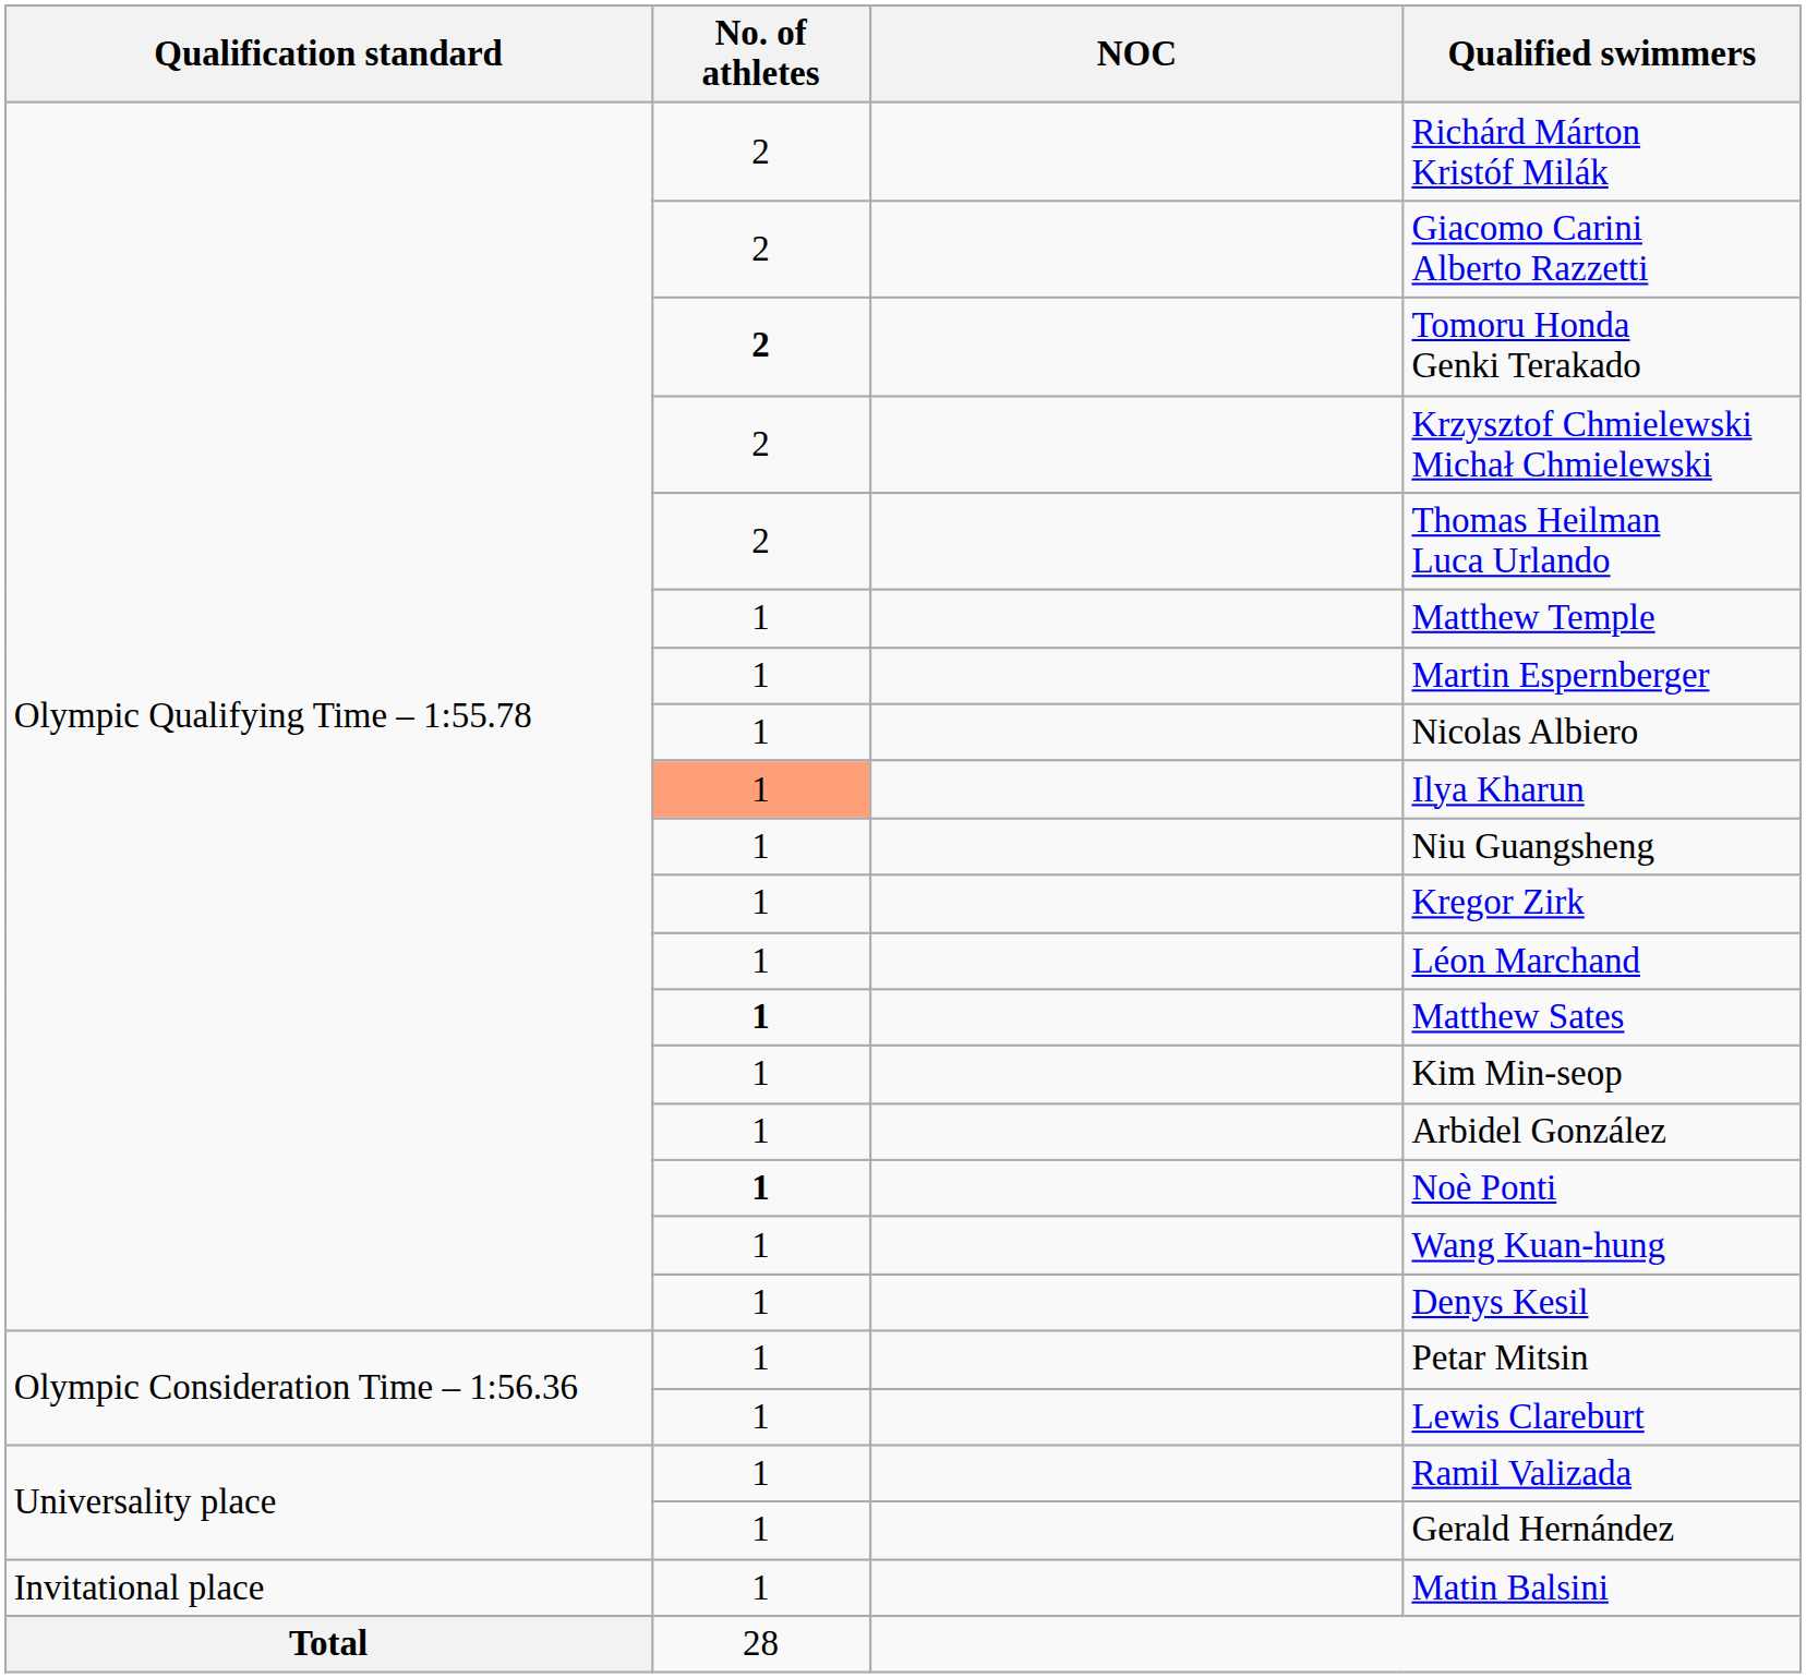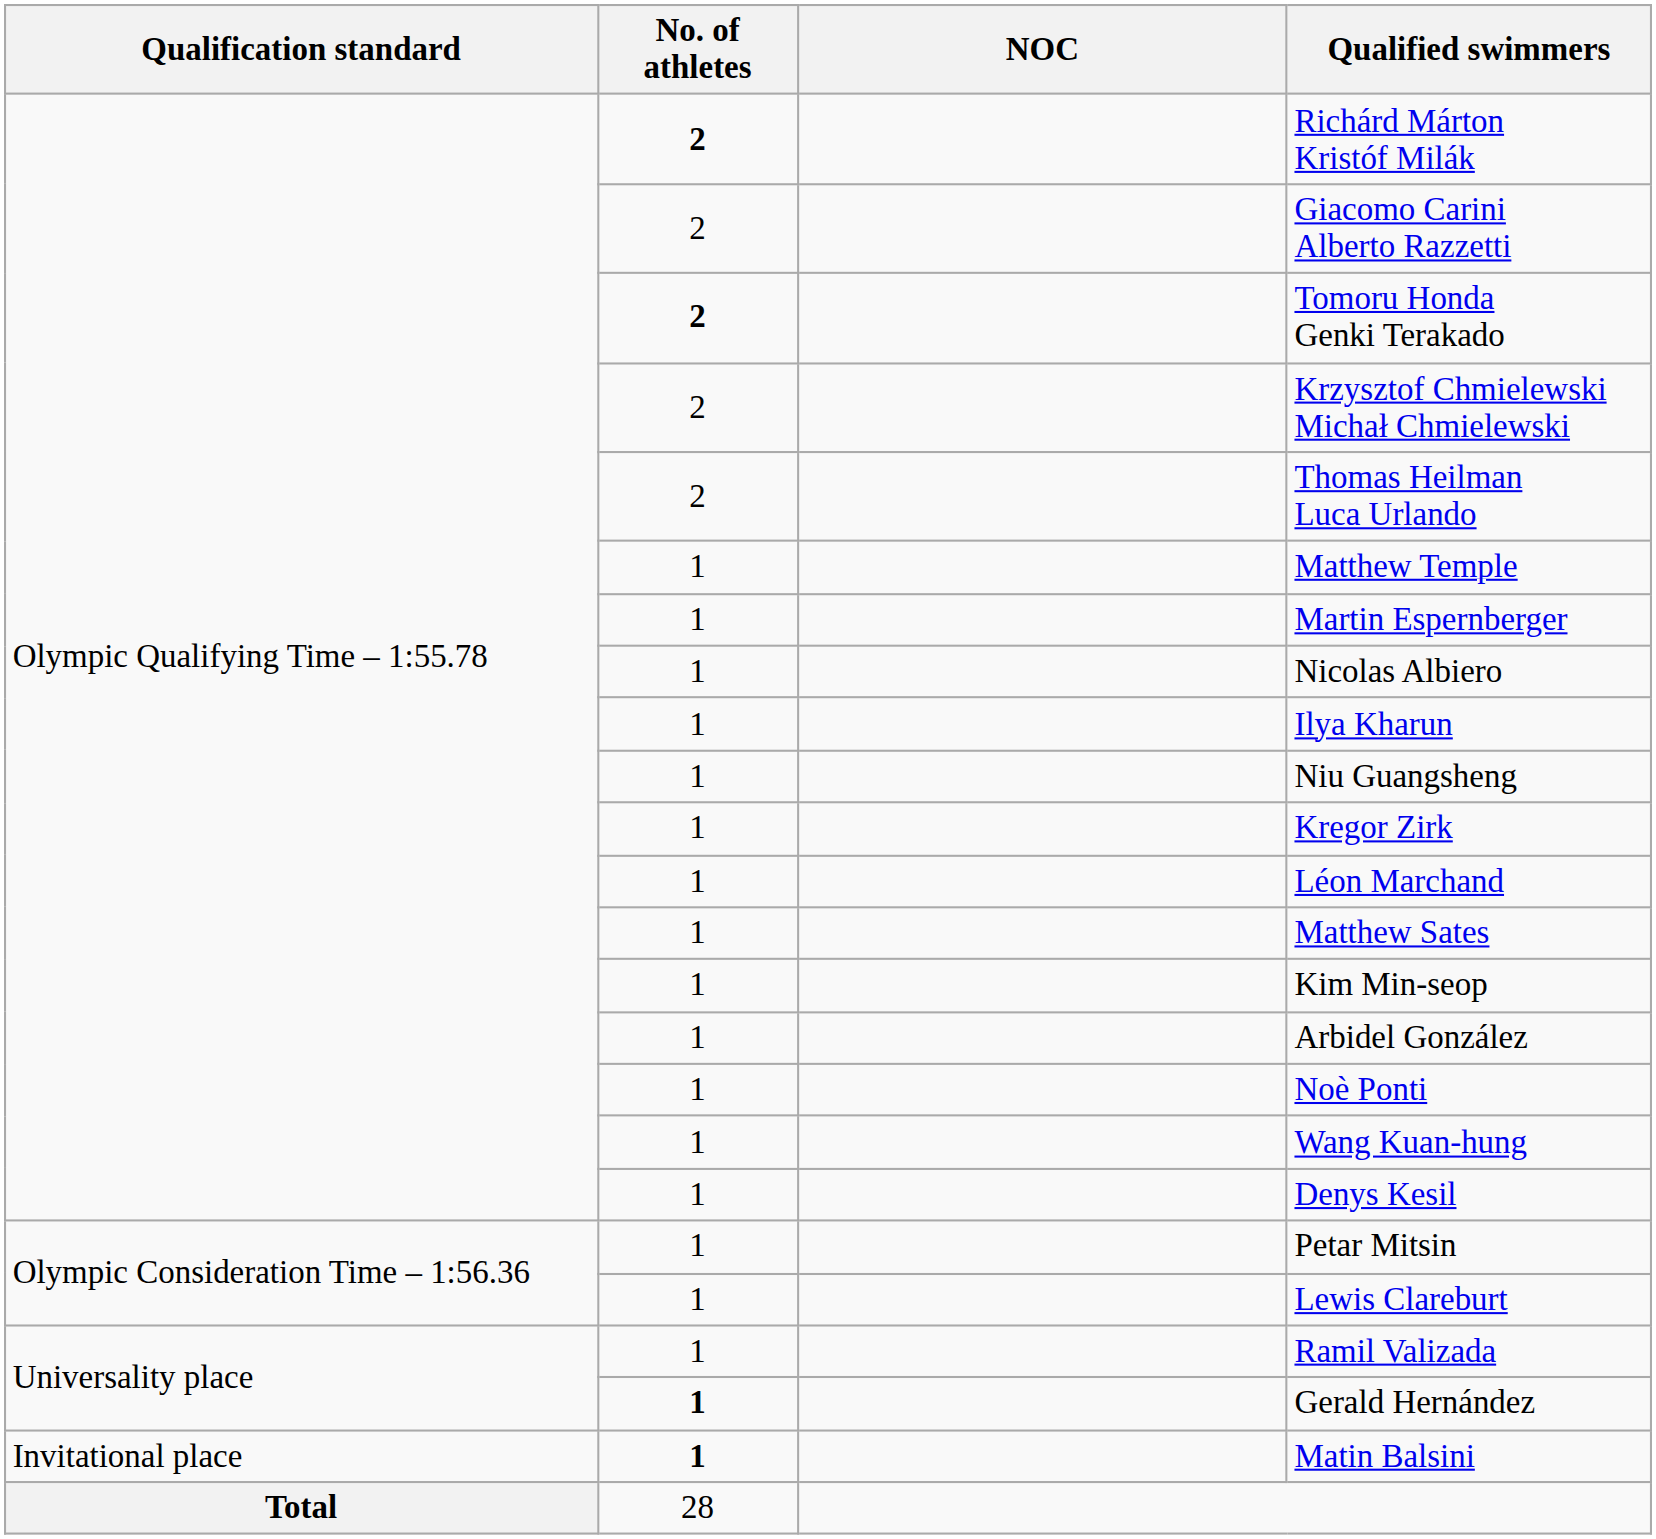 <table class=wikitable style="text-align:left" width=800>
 <tr>
 <th scope="col">Qualification standard</th>
 <th scope="col" width =90>No. of athletes</th>
 <th scope="col" width =230>NOC</th>
 <th scope="col">Qualified swimmers</th>
 </tr>
 <tr>
 <td rowspan=18>Olympic Qualifying Time – 1:55.78</td>
-<td align=center>2</td>
+<td align=center><strong>2</strong></td>
 <td></td>
 <td><a href='#'>Richárd Márton</a><br><a href='#'>Kristóf Milák</a></td>
 </tr>
 <tr>
 <td align=center>2</td>
 <td></td>
 <td><a href='#'>Giacomo Carini</a><br><a href='#'>Alberto Razzetti</a></td>
 </tr>
 <tr>
 <td align=center><strong>2</strong></td>
 <td></td>
 <td><a href='#'>Tomoru Honda</a><br>Genki Terakado</td>
 </tr>
 <tr>
 <td align=center>2</td>
 <td></td>
 <td><a href='#'>Krzysztof Chmielewski</a><br><a href='#'>Michał Chmielewski</a></td>
 </tr>
 <tr>
 <td align=center>2</td>
 <td></td>
 <td><a href='#'>Thomas Heilman</a><br><a href='#'>Luca Urlando</a></td>
 </tr>
 <tr>
 <td align=center>1</td>
 <td></td>
 <td><a href='#'>Matthew Temple</a></td>
 </tr>
 <tr>
 <td align=center>1</td>
 <td></td>
 <td><a href='#'>Martin Espernberger</a></td>
 </tr>
 <tr>
 <td align=center>1</td>
 <td></td>
 <td>Nicolas Albiero</td>
 </tr>
 <tr>
-<td align=center style="background: lightsalmon;">1</td>
+<td align=center>1</td>
 <td></td>
 <td><a href='#'>Ilya Kharun</a></td>
 </tr>
 <tr>
 <td align=center>1</td>
 <td></td>
 <td>Niu Guangsheng</td>
 </tr>
 <tr>
 <td align=center>1</td>
 <td></td>
 <td><a href='#'>Kregor Zirk</a></td>
 </tr>
 <tr>
 <td align=center>1</td>
 <td></td>
 <td><a href='#'>Léon Marchand</a></td>
 </tr>
 <tr>
-<td align=center><strong>1</strong></td>
+<td align=center>1</td>
 <td></td>
 <td><a href='#'>Matthew Sates</a></td>
 </tr>
 <tr>
 <td align=center>1</td>
 <td></td>
 <td>Kim Min-seop</td>
 </tr>
 <tr>
 <td align=center>1</td>
 <td></td>
 <td>Arbidel González</td>
 </tr>
 <tr>
-<td align=center><strong>1</strong></td>
+<td align=center>1</td>
 <td></td>
 <td><a href='#'>Noè Ponti</a></td>
 </tr>
 <tr>
 <td align=center>1</td>
 <td></td>
 <td><a href='#'>Wang Kuan-hung</a></td>
 </tr>
 <tr>
 <td align=center>1</td>
 <td></td>
 <td><a href='#'>Denys Kesil</a></td>
 </tr>
 <tr>
 <td rowspan=2>Olympic Consideration Time – 1:56.36</td>
 <td align=center>1</td>
 <td></td>
 <td>Petar Mitsin</td>
 </tr>
 <tr>
 <td align=center>1</td>
 <td></td>
 <td><a href='#'>Lewis Clareburt</a></td>
 </tr>
 <tr>
 <td rowspan=2>Universality place</td>
 <td align=center>1</td>
 <td></td>
 <td><a href='#'>Ramil Valizada</a></td>
 </tr>
 <tr>
-<td align=center>1</td>
+<td align=center><strong>1</strong></td>
 <td></td>
 <td>Gerald Hernández</td>
 </tr>
 <tr>
 <td>Invitational place</td>
-<td align=center>1</td>
+<td align=center><strong>1</strong></td>
 <td></td>
 <td><a href='#'>Matin Balsini</a></td>
 </tr>
 <tr>
 <th scope="row">Total</th>
 <td align=center>28</td>
 <td colspan=2></td>
 </tr>
 </table>
